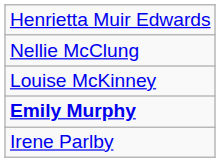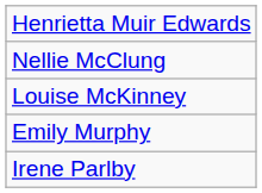 <table class="wikitable" align=right>
 <tr>
 <td><a href='#'>Henrietta Muir Edwards</a></td>
 </tr>
 <tr>
 <td><a href='#'>Nellie McClung</a></td>
 </tr>
 <tr>
 <td><a href='#'>Louise McKinney</a></td>
 </tr>
 <tr>
-<td><strong><a href='#'>Emily Murphy</a></strong></td>
+<td><a href='#'>Emily Murphy</a></td>
 </tr>
 <tr>
 <td><a href='#'>Irene Parlby</a></td>
 </tr>
 </table>
